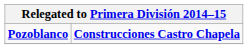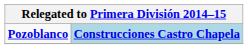 <table class="wikitable" style="text-align: center; margin: 0 auto;">
 <tr>
 <th colspan="3">Relegated to <a href='#'>Primera División 2014–15</a></th>
 </tr>
 <tr>
 <td><strong><a href='#'>Pozoblanco</a></strong><br></td>
-<td><strong><a href='#'>Construcciones Castro Chapela</a></strong><br></td>
+<td style="background: lightblue;"><strong><a href='#'>Construcciones Castro Chapela</a></strong><br></td>
 </tr>
 <tr>
 </tr>
 </table>
